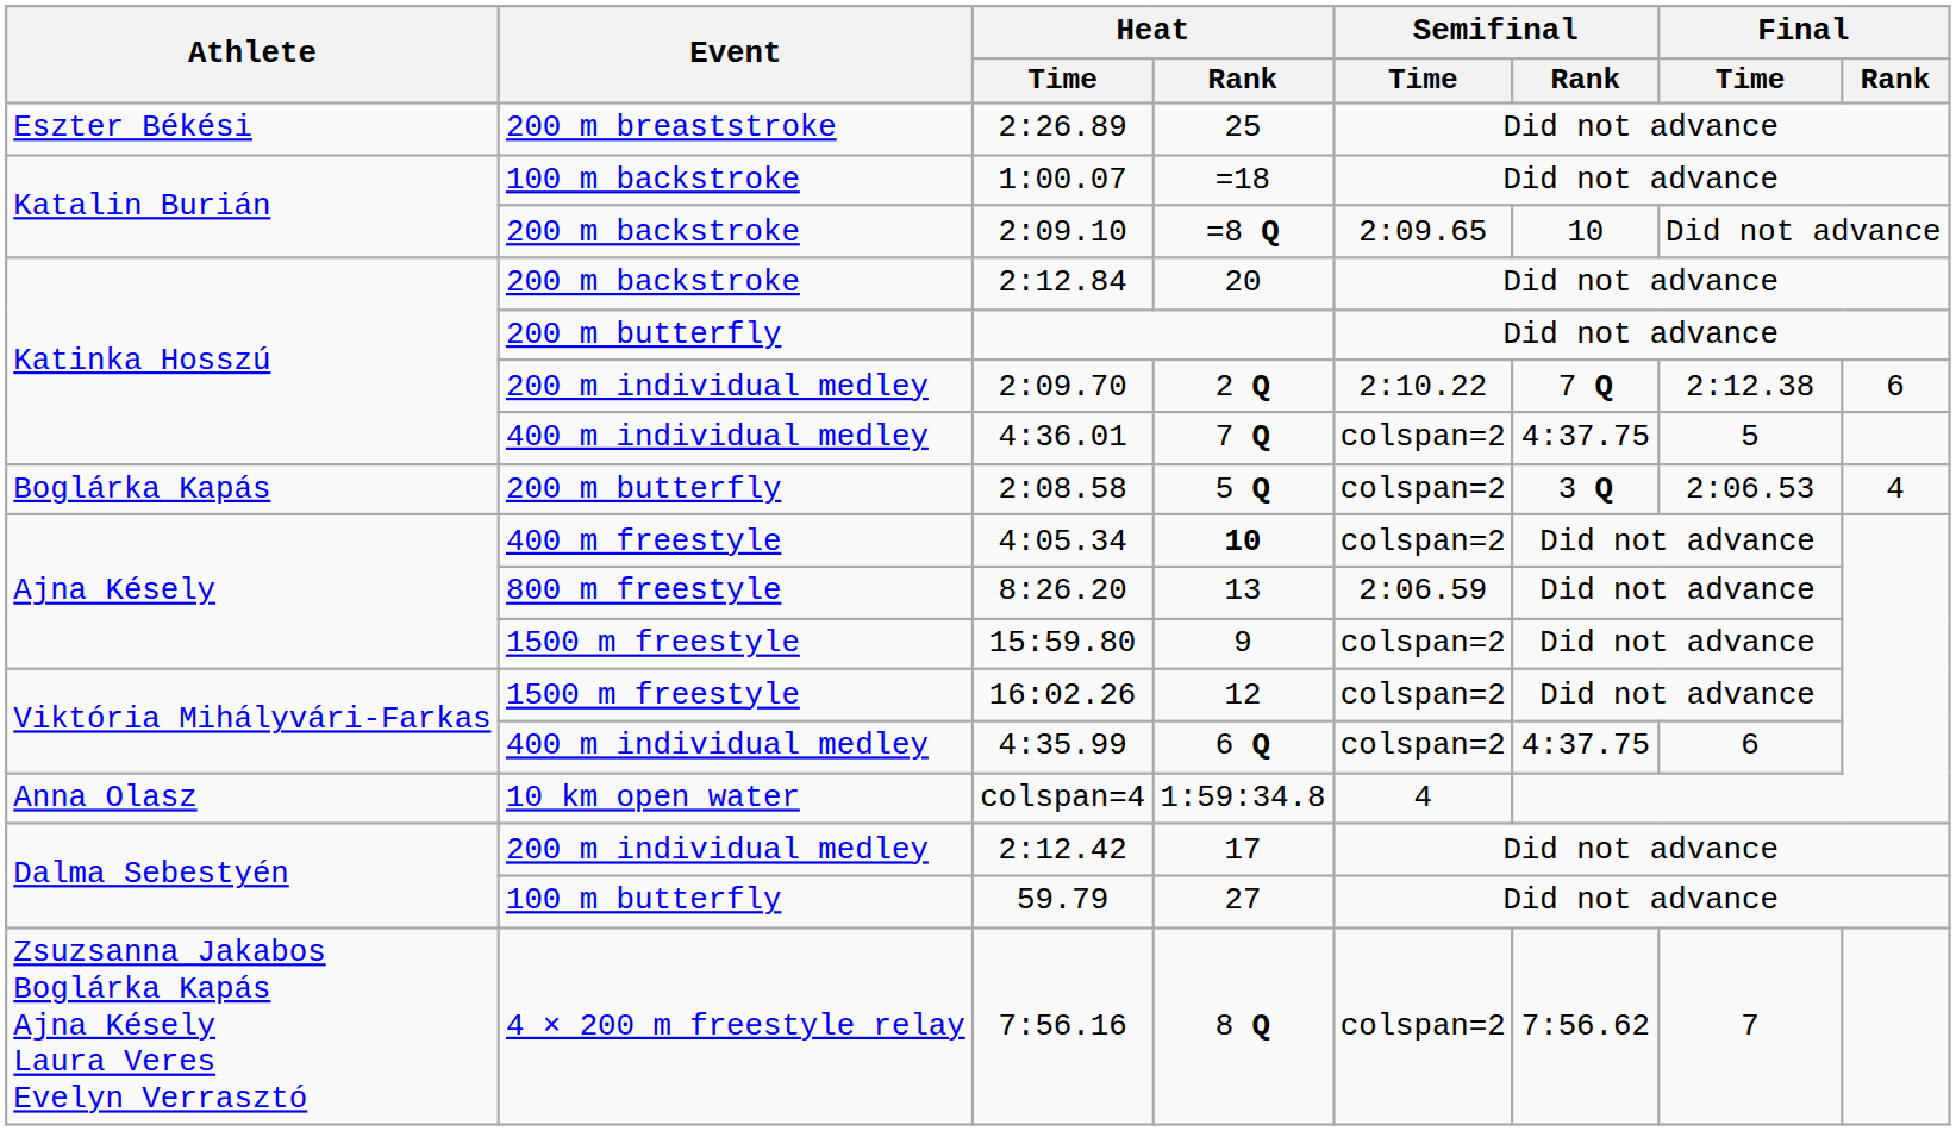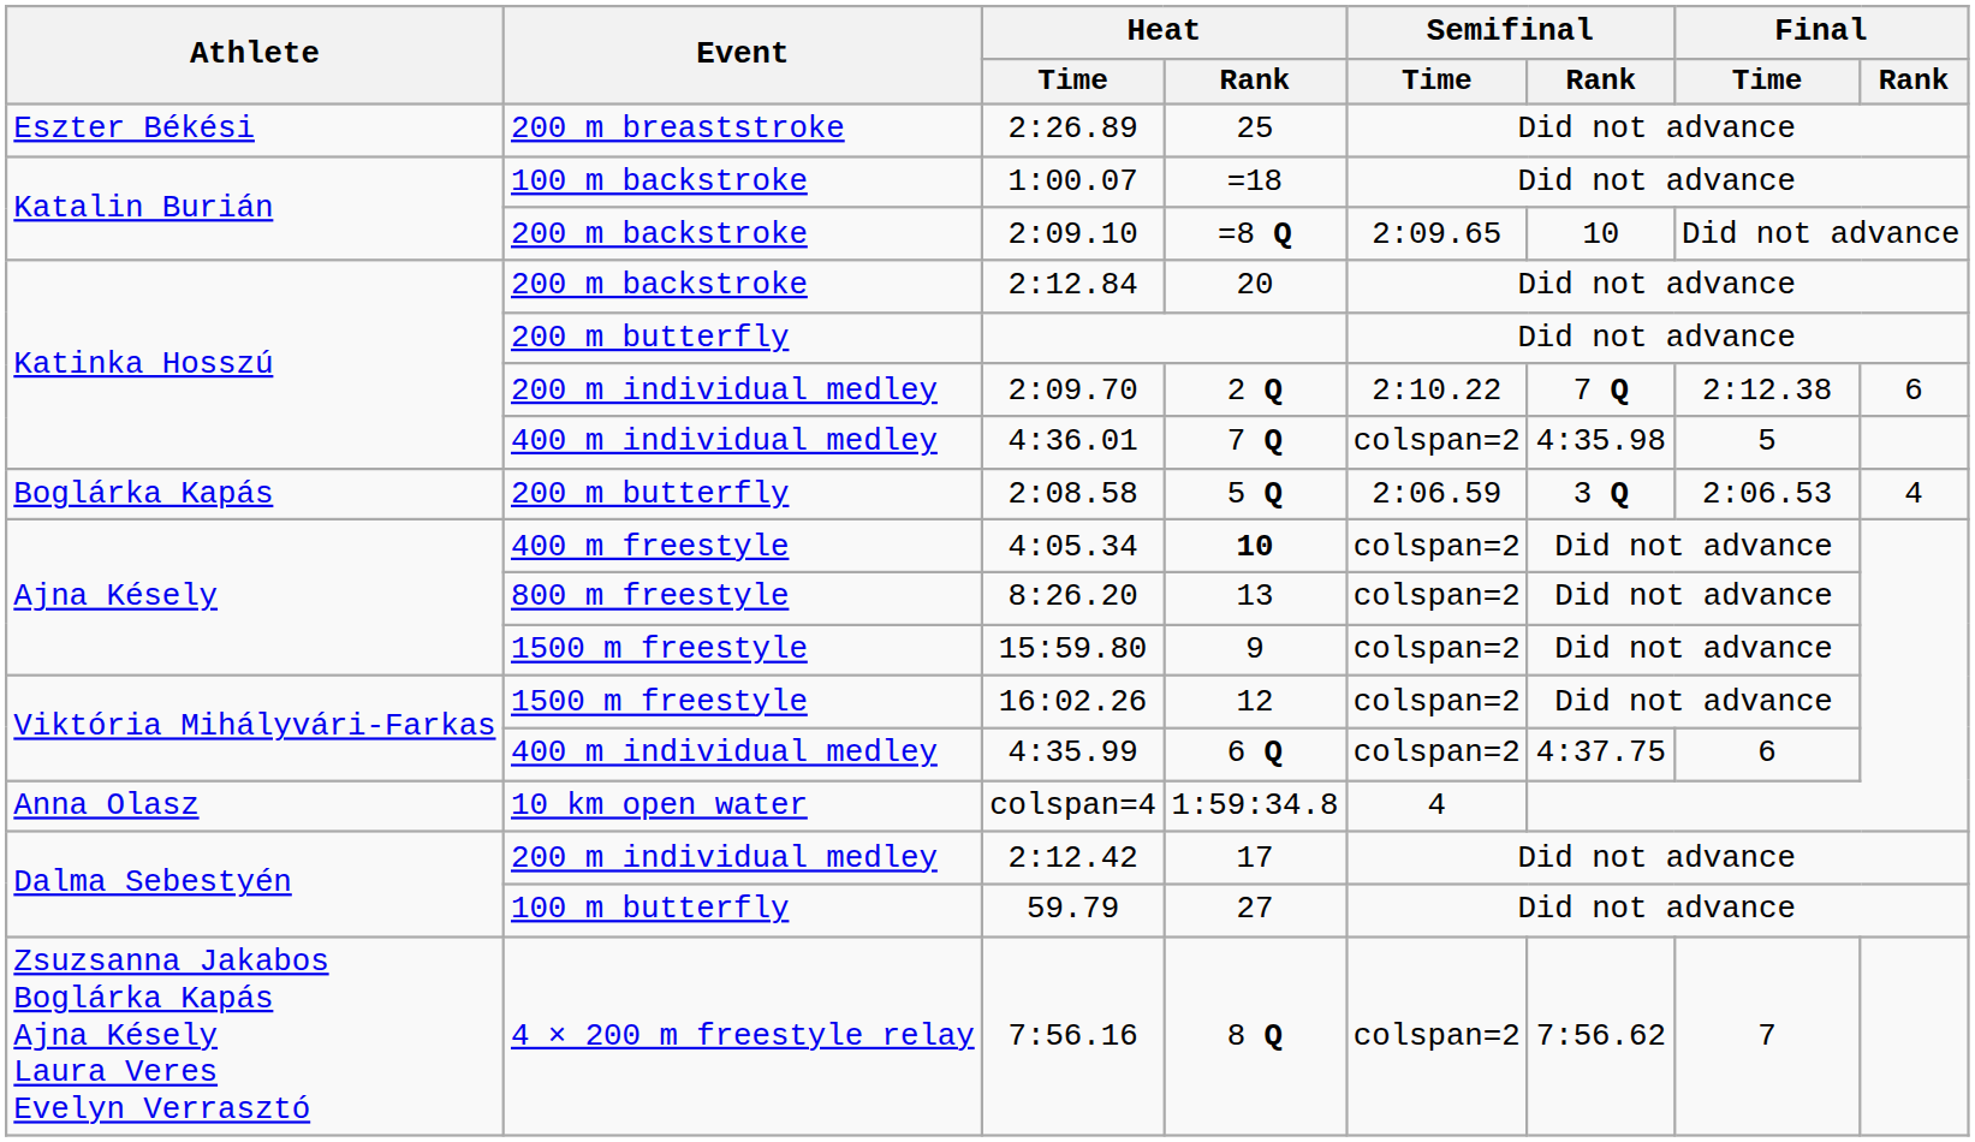 <table class=wikitable style="font-size:90%">
 <tr>
 <th rowspan="2">Athlete</th>
 <th rowspan="2">Event</th>
 <th colspan="2">Heat</th>
 <th colspan="2">Semifinal</th>
 <th colspan="2">Final</th>
 </tr>
 <tr style="font-size:95%">
 <th>Time</th>
 <th>Rank</th>
 <th>Time</th>
 <th>Rank</th>
 <th>Time</th>
 <th>Rank</th>
 </tr>
 <tr align=center>
 <td align=left><a href='#'>Eszter Békési</a></td>
 <td align=left><a href='#'>200 m breaststroke</a></td>
 <td>2:26.89</td>
 <td>25</td>
 <td colspan="4">Did not advance</td>
 </tr>
 <tr align=center>
 <td align=left rowspan=2><a href='#'>Katalin Burián</a></td>
 <td align=left><a href='#'>100 m backstroke</a></td>
 <td>1:00.07</td>
 <td>=18</td>
 <td colspan="4">Did not advance</td>
 </tr>
 <tr align=center>
 <td align=left><a href='#'>200 m backstroke</a></td>
 <td>2:09.10</td>
 <td>=8 <strong>Q</strong></td>
 <td>2:09.65</td>
 <td>10</td>
 <td colspan="2">Did not advance</td>
 </tr>
 <tr align=center>
 <td align=left rowspan=4><a href='#'>Katinka Hosszú</a></td>
 <td align=left><a href='#'>200 m backstroke</a></td>
 <td>2:12.84</td>
 <td>20</td>
 <td colspan="4">Did not advance</td>
 </tr>
 <tr align=center>
 <td align=left><a href='#'>200 m butterfly</a></td>
 <td colspan="2"></td>
 <td colspan="4">Did not advance</td>
 </tr>
 <tr align=center>
 <td align=left><a href='#'>200 m individual medley</a></td>
 <td>2:09.70</td>
 <td>2 <strong>Q</strong></td>
 <td>2:10.22</td>
 <td>7 <strong>Q</strong></td>
 <td>2:12.38</td>
 <td>6</td>
 </tr>
 <tr align=center>
 <td align=left><a href='#'>400 m individual medley</a></td>
 <td>4:36.01</td>
 <td>7 <strong>Q</strong></td>
 <td>colspan=2 </td>
-<td>4:37.75</td>
+<td>4:35.98</td>
 <td>5</td>
 </tr>
 <tr align=center>
 <td align=left><a href='#'>Boglárka Kapás</a></td>
 <td align=left><a href='#'>200 m butterfly</a></td>
 <td>2:08.58</td>
 <td>5 <strong>Q</strong></td>
-<td>colspan=2 </td>
+<td>2:06.59</td>
 <td>3 <strong>Q</strong></td>
 <td>2:06.53</td>
 <td>4</td>
 </tr>
 <tr align=center>
 <td align=left rowspan=3><a href='#'>Ajna Késely</a></td>
 <td align=left><a href='#'>400 m freestyle</a></td>
 <td>4:05.34</td>
 <td><strong>10</strong></td>
 <td>colspan=2 </td>
 <td colspan="2">Did not advance</td>
 </tr>
 <tr align=center>
 <td align=left><a href='#'>800 m freestyle</a></td>
 <td>8:26.20</td>
 <td>13</td>
-<td>2:06.59</td>
+<td>colspan=2 </td>
 <td colspan="2">Did not advance</td>
 </tr>
 <tr align=center>
 <td align=left><a href='#'>1500 m freestyle</a></td>
 <td>15:59.80</td>
 <td>9</td>
 <td>colspan=2 </td>
 <td colspan="2">Did not advance</td>
 </tr>
 <tr align=center>
 <td align=left rowspan=2><a href='#'>Viktória Mihályvári-Farkas</a></td>
 <td align=left><a href='#'>1500 m freestyle</a></td>
 <td>16:02.26</td>
 <td>12</td>
 <td>colspan=2 </td>
 <td colspan="2">Did not advance</td>
 </tr>
 <tr align=center>
 <td align=left><a href='#'>400 m individual medley</a></td>
 <td>4:35.99</td>
 <td>6 <strong>Q</strong></td>
 <td>colspan=2 </td>
 <td>4:37.75</td>
 <td>6</td>
 </tr>
 <tr align=center>
 <td align=left><a href='#'>Anna Olasz</a></td>
 <td align=left><a href='#'>10 km open water</a></td>
 <td>colspan=4 </td>
 <td>1:59:34.8</td>
 <td>4</td>
 </tr>
 <tr align=center>
 <td align=left rowspan=2><a href='#'>Dalma Sebestyén</a></td>
 <td align=left><a href='#'>200 m individual medley</a></td>
 <td>2:12.42</td>
 <td>17</td>
 <td colspan="4">Did not advance</td>
 </tr>
 <tr align=center>
 <td align=left><a href='#'>100 m butterfly</a></td>
 <td>59.79</td>
 <td>27</td>
 <td colspan="4">Did not advance</td>
 </tr>
 <tr align=center>
 <td align=left><a href='#'>Zsuzsanna Jakabos</a><br><a href='#'>Boglárka Kapás</a><br><a href='#'>Ajna Késely</a><br><a href='#'>Laura Veres</a><br><a href='#'>Evelyn Verrasztó</a></td>
 <td align=left><a href='#'>4 × 200 m freestyle relay</a></td>
 <td>7:56.16</td>
 <td>8 <strong>Q</strong></td>
 <td>colspan=2 </td>
 <td>7:56.62</td>
 <td>7</td>
 </tr>
 </table>
